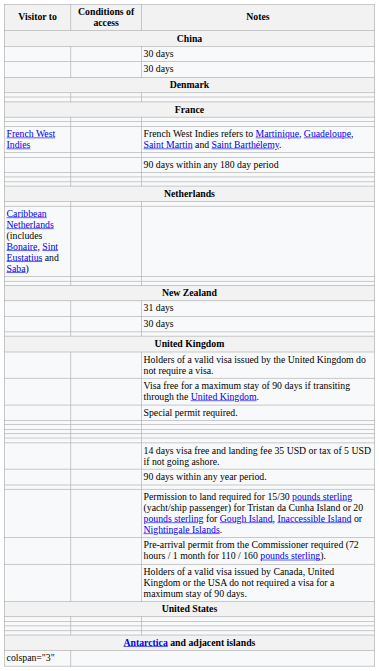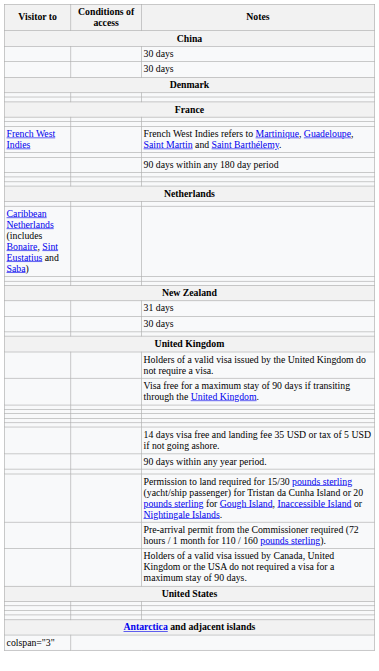 <table class="wikitable sortable sticky-header mw-datatable" style="text-align: left; table-layout: fixed;background:#f8f9faff; ">
 <tr>
 <th style="width:18%;">Visitor to</th>
 <th style="width:19%;">Conditions of access</th>
 <th>Notes</th>
 </tr>
 <tr>
 <th colspan="3">China</th>
 </tr>
 <tr>
 <td style="text-align: left;"></td>
 <td></td>
 <td>30 days</td>
 </tr>
 <tr>
 <td style="text-align: left;"></td>
 <td></td>
 <td>30 days</td>
 </tr>
 <tr>
 <th colspan="3">Denmark</th>
 </tr>
 <tr>
 <td style="text-align: left;"></td>
 <td></td>
 <td></td>
 </tr>
 <tr>
 <td style="text-align: left;"></td>
 <td></td>
 <td></td>
 </tr>
 <tr>
 <th colspan="3">France</th>
 </tr>
 <tr>
 <td style="text-align: left;"></td>
 <td></td>
 <td></td>
 </tr>
 <tr>
 <td style="text-align: left;"></td>
 <td></td>
 <td></td>
 </tr>
 <tr>
 <td style="text-align: left;"> <a href='#'>French West Indies</a></td>
 <td></td>
 <td>French West Indies refers to <a href='#'>Martinique</a>, <a href='#'>Guadeloupe</a>, <a href='#'>Saint Martin</a> and <a href='#'>Saint Barthélemy</a>.</td>
 </tr>
 <tr>
 <td style="text-align: left;"></td>
 <td></td>
 <td></td>
 </tr>
 <tr>
 <td style="text-align: left;"></td>
 <td></td>
 <td>90 days within any 180 day period</td>
 </tr>
 <tr>
 <td style="text-align: left;"></td>
 <td></td>
 <td></td>
 </tr>
 <tr>
 <td style="text-align: left;"></td>
 <td></td>
 <td></td>
 </tr>
 <tr>
 <td style="text-align: left;"></td>
 <td></td>
 <td></td>
 </tr>
 <tr>
 <th colspan="3">Netherlands</th>
 </tr>
 <tr>
 <td style="text-align: left;"></td>
 <td></td>
 <td></td>
 </tr>
 <tr>
 <td style="text-align: left;"> <a href='#'>Caribbean Netherlands</a>  (includes <a href='#'>Bonaire</a>, <a href='#'>Sint Eustatius</a> and <a href='#'>Saba</a>)</td>
 <td></td>
 <td></td>
 </tr>
 <tr>
 <td style="text-align: left;"></td>
 <td></td>
 <td></td>
 </tr>
 <tr>
 <td style="text-align: left;"></td>
 <td></td>
 <td></td>
 </tr>
 <tr>
 <th colspan="3">New Zealand</th>
 </tr>
 <tr>
 <td style="text-align: left;"></td>
 <td></td>
 <td>31 days</td>
 </tr>
 <tr>
 <td style="text-align: left;"></td>
 <td></td>
 <td>30 days</td>
 </tr>
 <tr>
 <td style="text-align: left;"></td>
 <td></td>
 <td></td>
 </tr>
 <tr>
 <th colspan="3">United Kingdom</th>
 </tr>
 <tr>
 <td style="text-align: left;"></td>
 <td></td>
 <td>Holders of a valid visa issued by the United Kingdom do not require a visa.</td>
 </tr>
 <tr>
 <td style="text-align: left;"></td>
 <td></td>
 <td>Visa free for a maximum stay of 90 days if transiting through the <a href='#'>United Kingdom</a>.</td>
 </tr>
 <tr>
 <td style="text-align: left;"></td>
 <td></td>
-<td>Special permit required.</td>
-</tr>
-<tr>
-<td style="text-align: left;"></td>
-<td></td>
 <td></td>
 </tr>
 <tr>
 <td style="text-align: left;"></td>
 <td></td>
 <td></td>
 </tr>
 <tr>
 <td style="text-align: left;"></td>
 <td></td>
 <td></td>
 </tr>
 <tr>
 <td style="text-align: left;"></td>
 <td></td>
 <td></td>
 </tr>
 <tr>
 <td style="text-align: left;"></td>
 <td></td>
 <td></td>
 </tr>
 <tr>
 <td style="text-align: left;"></td>
 <td></td>
 <td>14 days visa free and landing fee 35 USD or tax of 5 USD if not going ashore.</td>
 </tr>
 <tr>
 <td style="text-align: left;"></td>
 <td></td>
 <td>90 days within any year period.</td>
 </tr>
 <tr>
 <td style="text-align: left;"></td>
 <td></td>
 <td></td>
 </tr>
 <tr>
 <td style="text-align: left;"></td>
 <td></td>
 <td>Permission to land required for 15/30 <a href='#'>pounds sterling</a> (yacht/ship passenger) for Tristan da Cunha Island or 20 <a href='#'>pounds sterling</a> for <a href='#'>Gough Island</a>, <a href='#'>Inaccessible Island</a> or <a href='#'>Nightingale Islands</a>.</td>
 </tr>
 <tr>
 <td style="text-align: left;"></td>
 <td></td>
 <td>Pre-arrival permit from the Commissioner required (72 hours / 1 month for 110 / 160 <a href='#'>pounds sterling</a>).</td>
 </tr>
 <tr>
 <td style="text-align: left;"></td>
 <td></td>
 <td>Holders of a valid visa issued by Canada, United Kingdom or the USA do not required a visa for a maximum stay of 90 days.</td>
 </tr>
 <tr>
 <th colspan="3">United States</th>
 </tr>
 <tr>
 <td style="text-align: left;"></td>
 <td></td>
 <td></td>
 </tr>
 <tr>
 <td style="text-align: left;"></td>
 <td></td>
 <td></td>
 </tr>
 <tr>
 <td style="text-align: left;"></td>
 <td></td>
 <td></td>
 </tr>
 <tr>
 <td style="text-align: left;"></td>
 <td></td>
 <td></td>
 </tr>
 <tr>
 <th colspan="3"><a href='#'>Antarctica</a> and adjacent islands</th>
 </tr>
 <tr>
 <td>colspan="3" </td>
 </tr>
 </table>
